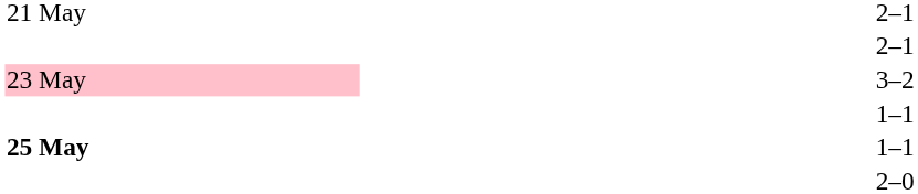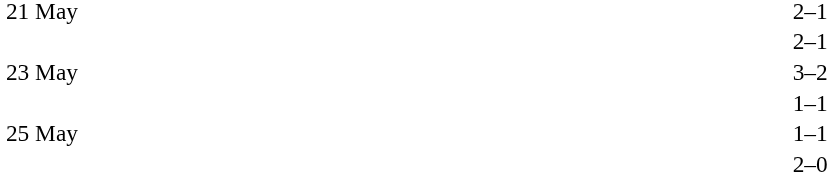 <table cellspacing=1 width=70%>
 <tr>
 <th width=25%></th>
 <th width=30%></th>
 <th width=15%></th>
 <th width=30%></th>
 </tr>
 <tr>
 <td>21 May</td>
 <td align=right></td>
 <td align=center>2–1</td>
 <td></td>
 </tr>
 <tr>
 <td></td>
 <td align=right></td>
 <td align=center>2–1</td>
 <td></td>
 </tr>
 <tr>
-<td style="background: pink;">23 May</td>
+<td>23 May</td>
 <td align=right></td>
 <td align=center>3–2</td>
 <td></td>
 </tr>
 <tr>
 <td></td>
 <td align=right></td>
 <td align=center>1–1</td>
 <td></td>
 </tr>
 <tr>
-<td><strong>25 May</strong></td>
+<td>25 May</td>
 <td align=right></td>
 <td align=center>1–1</td>
 <td></td>
 </tr>
 <tr>
 <td></td>
 <td align=right></td>
 <td align=center>2–0</td>
 <td></td>
 </tr>
 </table>
